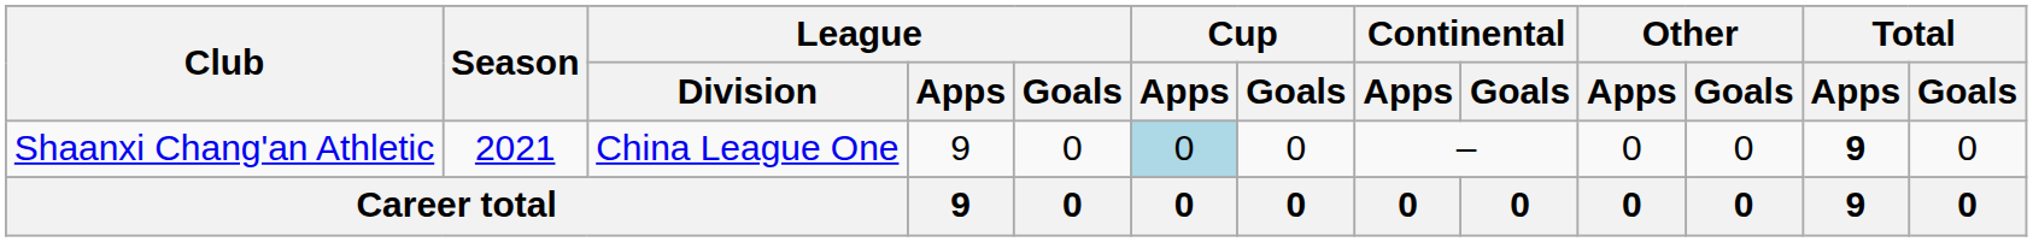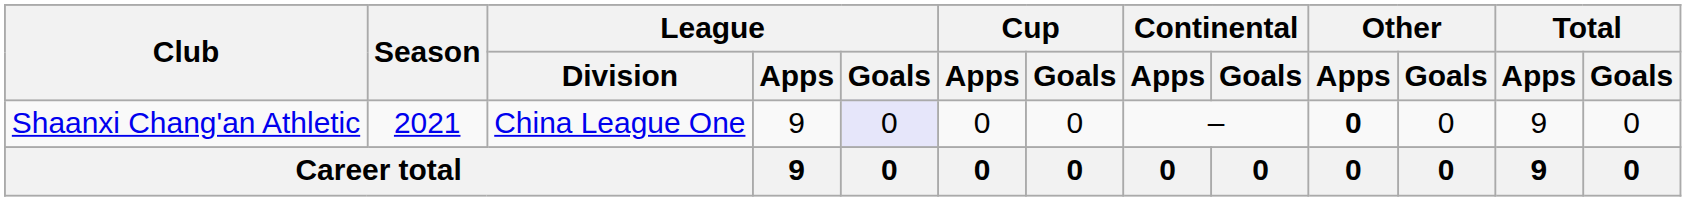 <table class="wikitable" style="text-align: center">
 <tr>
 <th rowspan="2">Club</th>
 <th rowspan="2">Season</th>
 <th colspan="3">League</th>
 <th colspan="2">Cup</th>
 <th colspan="2">Continental</th>
 <th colspan="2">Other</th>
 <th colspan="2">Total</th>
 </tr>
 <tr>
 <th>Division</th>
 <th>Apps</th>
 <th>Goals</th>
 <th>Apps</th>
 <th>Goals</th>
 <th>Apps</th>
 <th>Goals</th>
 <th>Apps</th>
 <th>Goals</th>
 <th>Apps</th>
 <th>Goals</th>
 </tr>
 <tr>
 <td><a href='#'>Shaanxi Chang'an Athletic</a></td>
 <td><a href='#'>2021</a></td>
 <td><a href='#'>China League One</a></td>
 <td>9</td>
+<td style="background: lavender;">0</td>
 <td>0</td>
-<td style="background: lightblue;">0</td>
 <td>0</td>
 <td colspan="2">–</td>
+<td><strong>0</strong></td>
 <td>0</td>
-<td>0</td>
-<td><strong>9</strong></td>
+<td>9</td>
 <td>0</td>
 </tr>
 <tr>
 <th colspan=3>Career total</th>
 <th>9</th>
 <th>0</th>
 <th>0</th>
 <th>0</th>
 <th>0</th>
 <th>0</th>
 <th>0</th>
 <th>0</th>
 <th>9</th>
 <th>0</th>
 </tr>
 </table>
